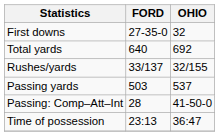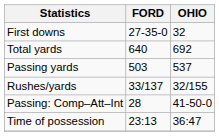 <table class="wikitable" style="float: left;">
 <tr>
 <th>Statistics</th>
 <th>FORD</th>
 <th>OHIO</th>
 </tr>
 <tr>
 <td>First downs</td>
 <td>27-35-0</td>
 <td>32</td>
 </tr>
 <tr>
 <td>Total yards</td>
 <td>640</td>
 <td>692</td>
 </tr>
 <tr>
+<td>Passing yards</td>
+<td>503</td>
+<td>537</td>
+</tr>
+<tr>
 <td>Rushes/yards</td>
 <td>33/137</td>
 <td>32/155</td>
-</tr>
-<tr>
-<td>Passing yards</td>
-<td>503</td>
-<td>537</td>
 </tr>
 <tr>
 <td>Passing: Comp–Att–Int</td>
 <td>28</td>
 <td>41-50-0</td>
 </tr>
 <tr>
 <td>Time of possession</td>
 <td>23:13</td>
 <td>36:47</td>
 </tr>
 <tr>
 </tr>
 </table>
